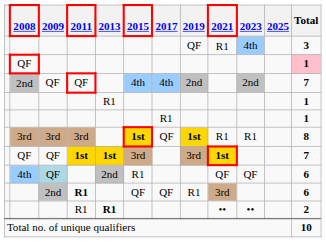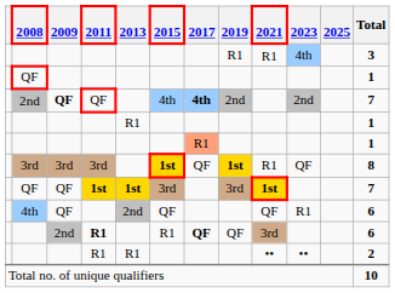 <table class="wikitable" style="text-align:center">
 <tr>
 <th></th>
 <th style="border:3px solid red"><br><a href='#'>2008</a></th>
 <th><br><a href='#'>2009</a></th>
 <th style="border:3px solid red"><br><a href='#'>2011</a></th>
 <th><br><a href='#'>2013</a></th>
 <th style="border:3px solid red"><br><a href='#'>2015</a></th>
 <th><br><a href='#'>2017</a></th>
 <th><br><a href='#'>2019</a></th>
 <th style="border:3px solid red"><br><a href='#'>2021</a></th>
 <th><br><a href='#'>2023</a></th>
 <th><br><a href='#'>2025</a></th>
 <th>Total</th>
 </tr>
 <tr>
 <td align=left></td>
 <td></td>
 <td></td>
 <td></td>
 <td></td>
 <td></td>
 <td></td>
-<td>QF</td>
+<td>R1</td>
 <td>R1</td>
 <td style="background:#9acdff;">4th</td>
 <td></td>
 <td><strong>3</strong></td>
 </tr>
 <tr>
 <td align=left></td>
 <td style="border: 3px solid red">QF</td>
 <td></td>
 <td></td>
 <td></td>
 <td></td>
 <td></td>
 <td></td>
 <td></td>
 <td></td>
 <td></td>
-<td style="background: pink;"><strong>1</strong></td>
+<td><strong>1</strong></td>
 </tr>
 <tr>
 <td align=left></td>
 <td style="background:silver;">2nd</td>
-<td>QF</td>
+<td><strong>QF</strong></td>
 <td style="border: 3px solid red">QF</td>
 <td></td>
 <td style="background:#9acdff;">4th</td>
-<td style="background:#9acdff;">4th</td>
+<td style="background:#9acdff;"><strong>4th</strong></td>
 <td style="background:silver;">2nd</td>
 <td></td>
 <td style="background:silver;">2nd</td>
 <td></td>
 <td><strong>7</strong></td>
 </tr>
 <tr>
 <td align=left></td>
 <td></td>
 <td></td>
 <td></td>
 <td>R1</td>
 <td></td>
 <td></td>
 <td></td>
 <td></td>
 <td></td>
 <td></td>
 <td><strong>1</strong></td>
 </tr>
 <tr>
 <td align=left></td>
 <td></td>
 <td></td>
 <td></td>
 <td></td>
 <td></td>
-<td>R1</td>
+<td style="background: lightsalmon;">R1</td>
 <td></td>
 <td></td>
 <td></td>
 <td></td>
 <td><strong>1</strong></td>
 </tr>
 <tr>
 <td align=left></td>
 <td style="background:#cfaa88;">3rd</td>
 <td style="background:#cfaa88;">3rd</td>
 <td style="background:#cfaa88;">3rd</td>
 <td></td>
 <td style="border:3px solid red; background:gold;"><strong>1st</strong></td>
 <td>QF</td>
 <td style="background:gold;"><strong>1st</strong></td>
 <td>R1</td>
-<td>R1</td>
+<td>QF</td>
 <td></td>
 <td><strong>8</strong></td>
 </tr>
 <tr>
 <td align=left></td>
 <td>QF</td>
 <td>QF</td>
 <td style="background:gold;"><strong>1st</strong></td>
 <td style="background:gold;"><strong>1st</strong></td>
 <td style="background:#cfaa88;">3rd</td>
 <td></td>
 <td style="background:#cfaa88;">3rd</td>
 <td style="border:3px solid red; background:gold;"><strong>1st</strong></td>
 <td></td>
 <td></td>
 <td><strong>7</strong></td>
 </tr>
 <tr>
 <td align=left></td>
 <td style="background:#9acdff;">4th</td>
-<td style="background: lightblue;">QF</td>
+<td>QF</td>
 <td></td>
 <td style="background:silver;">2nd</td>
-<td>R1</td>
+<td>QF</td>
 <td></td>
 <td></td>
 <td>QF</td>
-<td>QF</td>
+<td>R1</td>
 <td></td>
 <td><strong>6</strong></td>
 </tr>
 <tr>
 <td align=left></td>
 <td></td>
 <td style="background:silver;">2nd</td>
 <td><strong>R1</strong></td>
 <td></td>
+<td>R1</td>
+<td><strong>QF</strong></td>
 <td>QF</td>
-<td>QF</td>
-<td>R1</td>
 <td style="background:#cfaa88;">3rd</td>
 <td></td>
 <td></td>
 <td><strong>6</strong></td>
 </tr>
 <tr>
 <td align=left></td>
 <td></td>
 <td></td>
 <td>R1</td>
-<td><strong>R1</strong></td>
+<td>R1</td>
 <td></td>
 <td></td>
 <td></td>
 <td>••</td>
 <td>••</td>
 <td></td>
 <td><strong>2</strong></td>
 </tr>
 <tr style="border-top: 2.5px solid grey">
 <td align=left colspan=11>Total no. of unique qualifiers</td>
 <td><strong>10</strong></td>
 </tr>
 </table>
